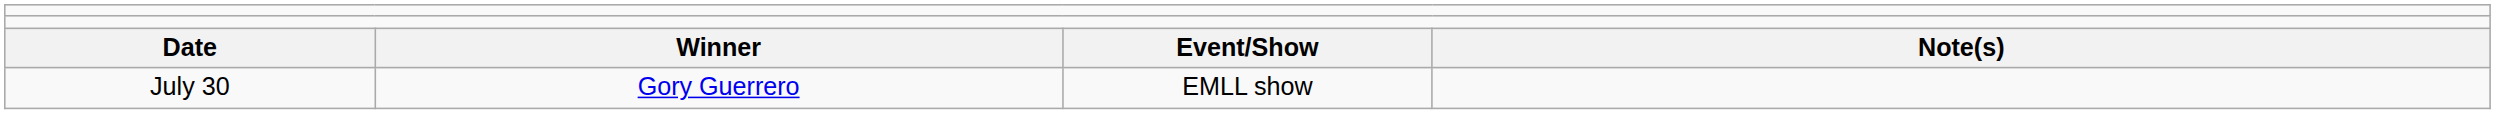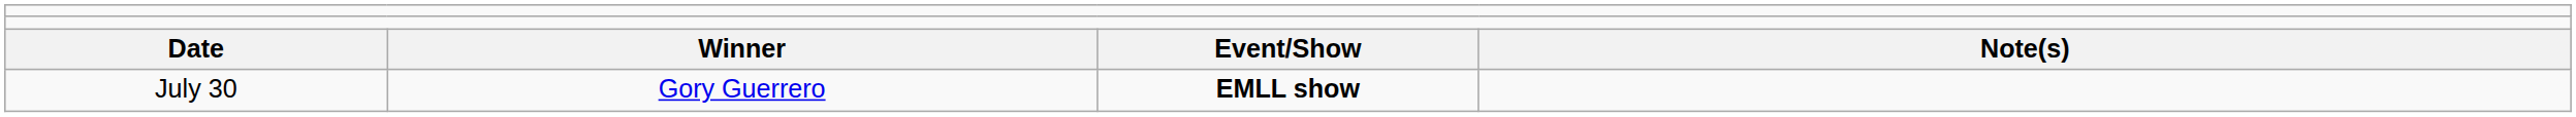 <table class="wikitable" style="text-align:center; width:100%;">
 <tr>
 <td colspan=5></td>
 </tr>
 <tr>
 <td colspan=5><strong></strong></td>
 </tr>
 <tr>
 <th width=14%>Date</th>
 <th width=26%>Winner</th>
 <th width=14%>Event/Show</th>
 <th width=40%>Note(s)</th>
 </tr>
 <tr>
 <td>July 30</td>
 <td><a href='#'>Gory Guerrero</a></td>
-<td>EMLL show</td>
+<td><strong>EMLL show</strong></td>
 <td align=left></td>
 </tr>
 </table>
